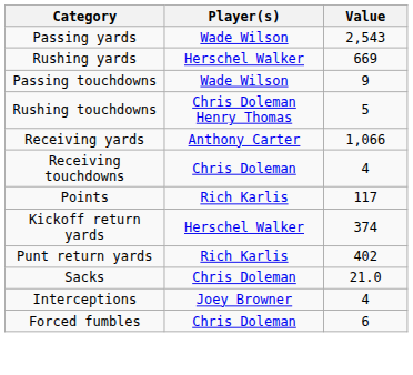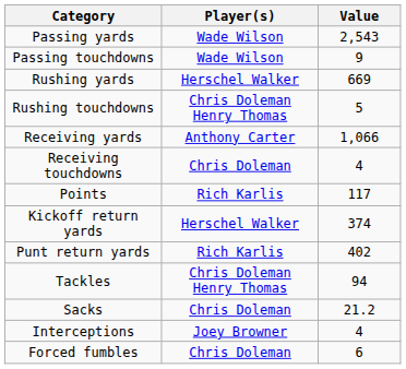 <table class="wikitable" style="text-align:center">
 <tr>
 <th width=150px>Category</th>
 <th width=150px>Player(s)</th>
 <th width=75px>Value</th>
 </tr>
 <tr>
 <td>Passing yards</td>
 <td><a href='#'>Wade Wilson</a></td>
 <td>2,543</td>
 </tr>
 <tr>
+<td>Passing touchdowns</td>
+<td><a href='#'>Wade Wilson</a></td>
+<td>9</td>
+</tr>
+<tr>
 <td>Rushing yards</td>
 <td><a href='#'>Herschel Walker</a></td>
 <td>669</td>
-</tr>
-<tr>
-<td>Passing touchdowns</td>
-<td><a href='#'>Wade Wilson</a></td>
-<td>9</td>
 </tr>
 <tr>
 <td>Rushing touchdowns</td>
 <td><a href='#'>Chris Doleman</a> <br> <a href='#'>Henry Thomas</a></td>
 <td>5</td>
 </tr>
 <tr>
 <td>Receiving yards</td>
 <td><a href='#'>Anthony Carter</a></td>
 <td>1,066</td>
 </tr>
 <tr>
 <td>Receiving touchdowns</td>
 <td><a href='#'>Chris Doleman</a></td>
 <td>4</td>
 </tr>
 <tr>
 <td>Points</td>
 <td><a href='#'>Rich Karlis</a></td>
 <td>117</td>
 </tr>
 <tr>
 <td>Kickoff return yards</td>
 <td><a href='#'>Herschel Walker</a></td>
 <td>374</td>
 </tr>
 <tr>
 <td>Punt return yards</td>
 <td><a href='#'>Rich Karlis</a></td>
 <td>402</td>
 </tr>
 <tr>
+<td>Tackles</td>
+<td><a href='#'>Chris Doleman</a> <br> <a href='#'>Henry Thomas</a></td>
+<td>94</td>
+</tr>
+<tr>
 <td>Sacks</td>
 <td><a href='#'>Chris Doleman</a></td>
-<td>21.0</td>
+<td>21.2</td>
 </tr>
 <tr>
 <td>Interceptions</td>
 <td><a href='#'>Joey Browner</a></td>
 <td>4</td>
 </tr>
 <tr>
 <td>Forced fumbles</td>
 <td><a href='#'>Chris Doleman</a></td>
 <td>6</td>
 </tr>
 </table>
